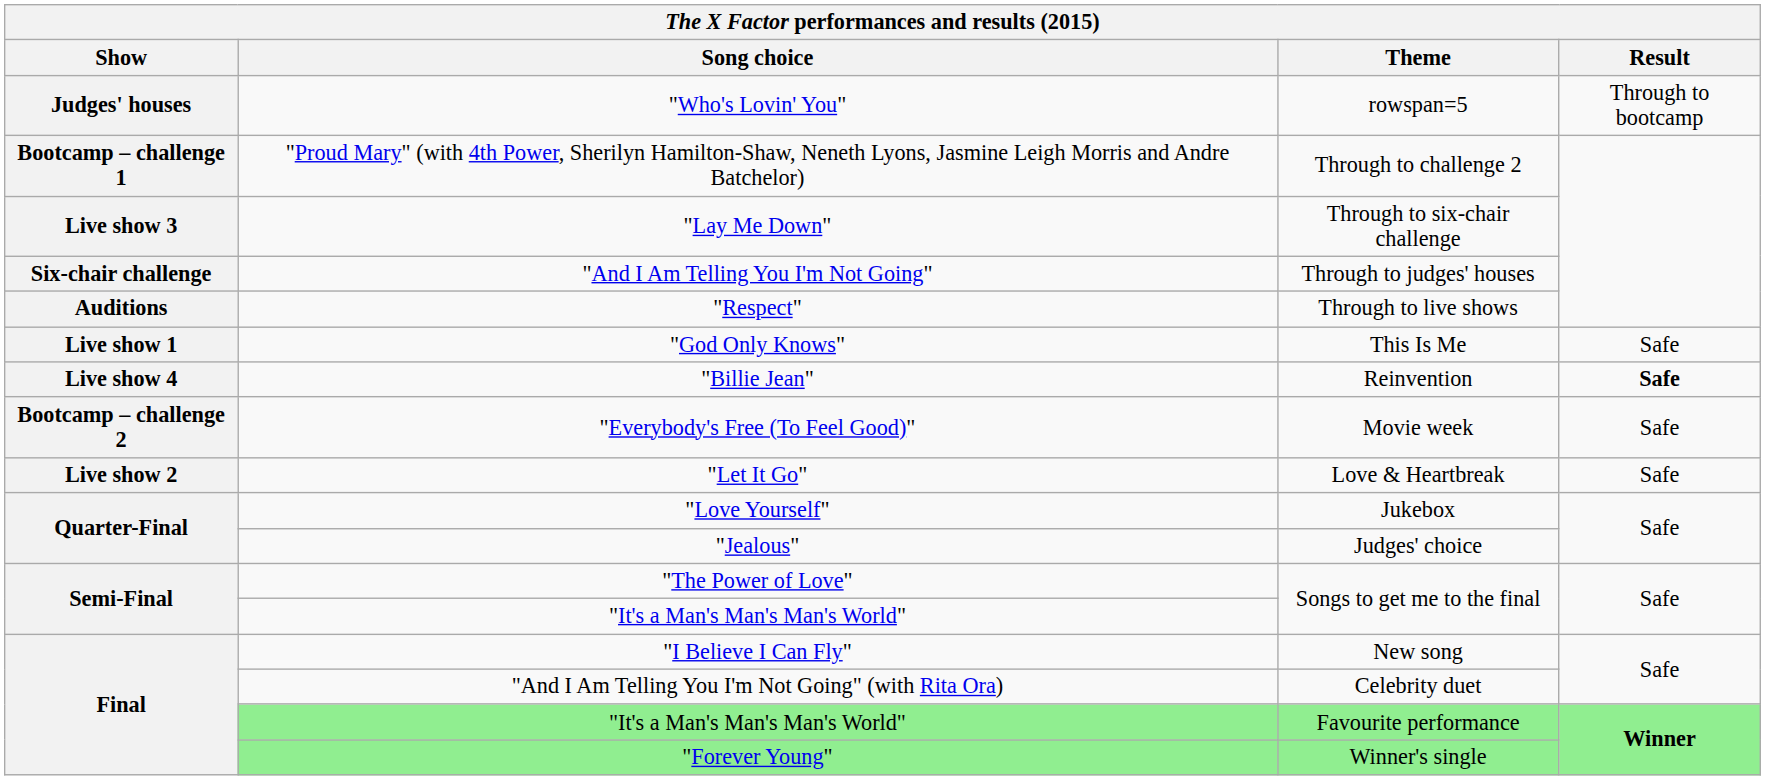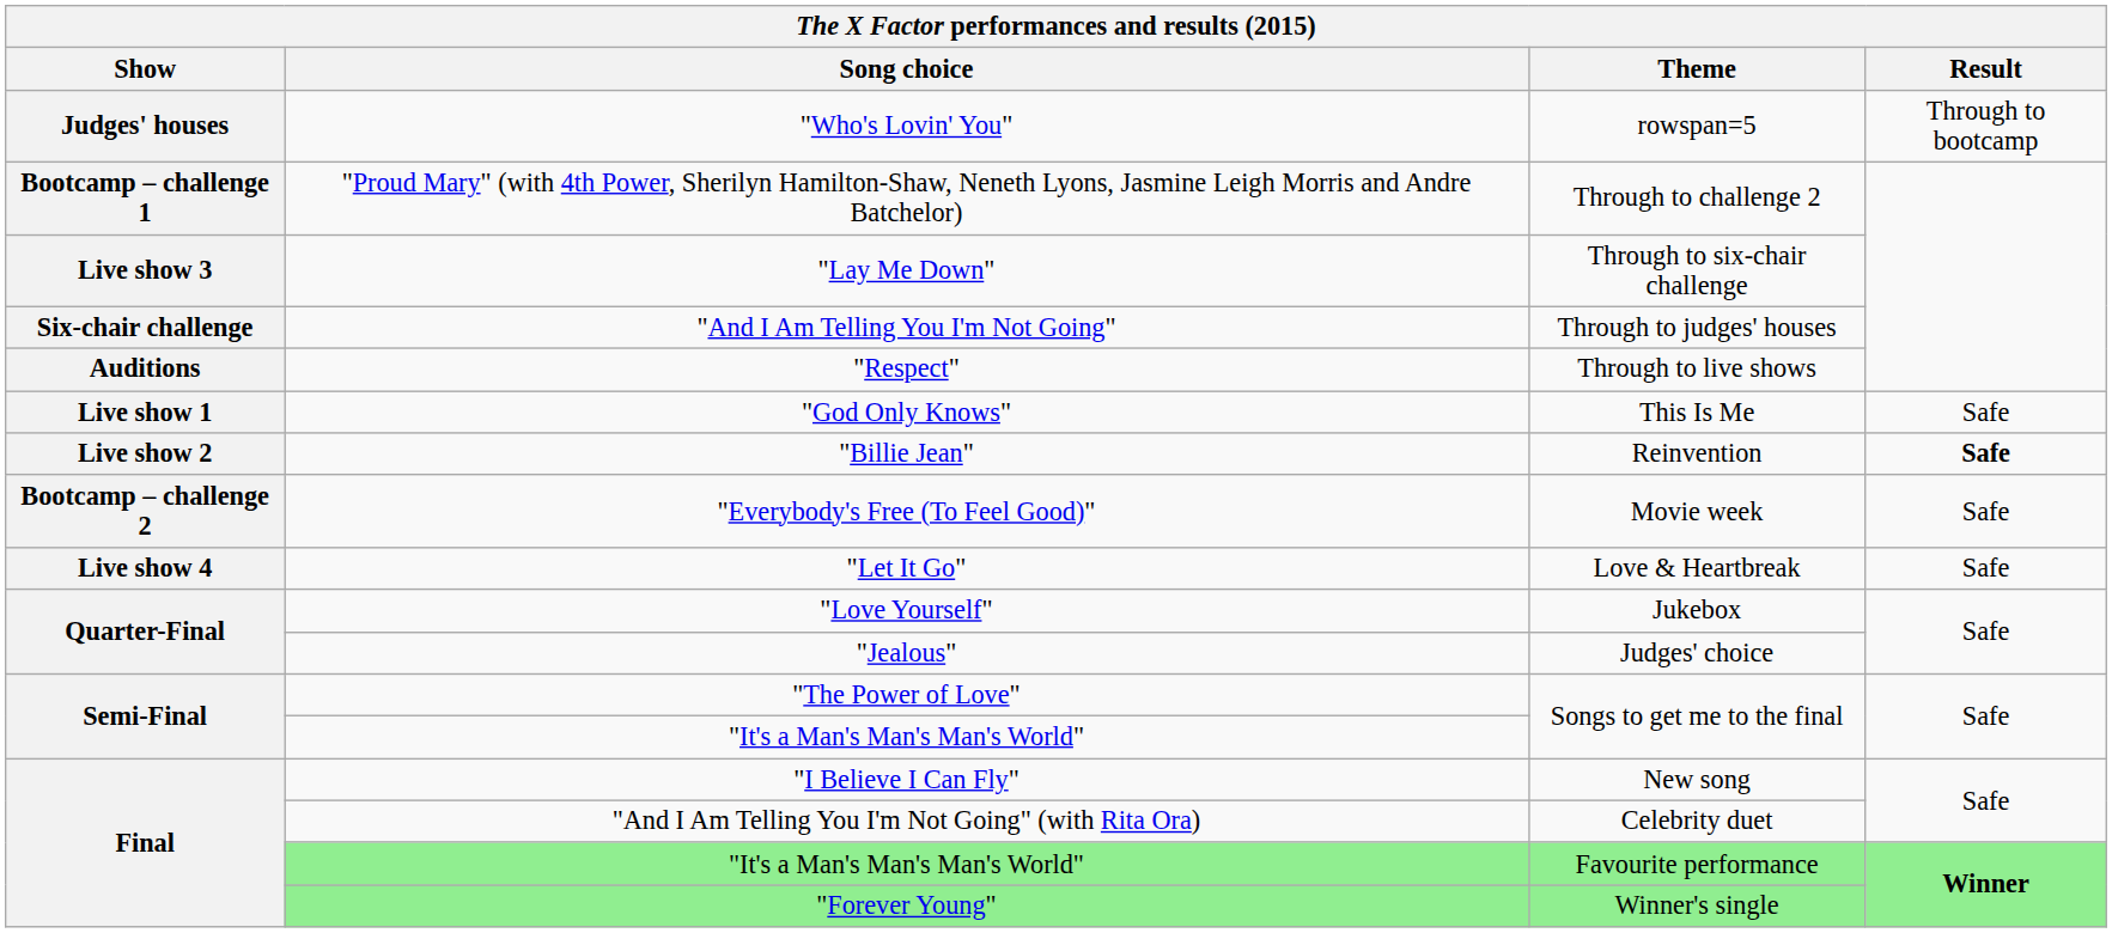 <table class="wikitable collapsible collapsed" style="margin:1em auto 1em auto; text-align:center;">
 <tr>
 <th colspan=4><em>The X Factor</em> performances and results (2015)</th>
 </tr>
 <tr>
 <th style="text-align:centre;">Show</th>
 <th style="text-align:centre;">Song choice</th>
 <th style="text-align:centre;">Theme</th>
 <th style="text-align:centre;">Result</th>
 </tr>
 <tr>
 <th>Judges' houses</th>
 <td>"<a href='#'>Who's Lovin' You</a>"</td>
 <td>rowspan=5 </td>
 <td>Through to bootcamp</td>
 </tr>
 <tr>
 <th>Bootcamp – challenge 1</th>
 <td>"<a href='#'>Proud Mary</a>" (with <a href='#'>4th Power</a>, Sherilyn Hamilton-Shaw, Neneth Lyons, Jasmine Leigh Morris and Andre Batchelor)</td>
 <td>Through to challenge 2</td>
 </tr>
 <tr>
 <th>Live show 3</th>
 <td>"<a href='#'>Lay Me Down</a>"</td>
 <td>Through to six-chair challenge</td>
 </tr>
 <tr>
 <th>Six-chair challenge</th>
 <td>"<a href='#'>And I Am Telling You I'm Not Going</a>"</td>
 <td>Through to judges' houses</td>
 </tr>
 <tr>
 <th>Auditions</th>
 <td>"<a href='#'>Respect</a>"</td>
 <td>Through to live shows</td>
 </tr>
 <tr>
 <th>Live show 1</th>
 <td>"<a href='#'>God Only Knows</a>"</td>
 <td>This Is Me</td>
 <td>Safe</td>
 </tr>
 <tr>
-<th>Live show 4</th>
+<th>Live show 2</th>
 <td>"<a href='#'>Billie Jean</a>"</td>
 <td>Reinvention</td>
 <td><strong>Safe</strong></td>
 </tr>
 <tr>
 <th>Bootcamp – challenge 2</th>
 <td>"<a href='#'>Everybody's Free (To Feel Good)</a>"</td>
 <td>Movie week</td>
 <td>Safe</td>
 </tr>
 <tr>
-<th>Live show 2</th>
+<th>Live show 4</th>
 <td>"<a href='#'>Let It Go</a>"</td>
 <td>Love & Heartbreak</td>
 <td>Safe</td>
 </tr>
 <tr>
 <th rowspan="2">Quarter-Final</th>
 <td>"<a href='#'>Love Yourself</a>"</td>
 <td>Jukebox</td>
 <td rowspan="2">Safe</td>
 </tr>
 <tr>
 <td>"<a href='#'>Jealous</a>"</td>
 <td>Judges' choice</td>
 </tr>
 <tr>
 <th rowspan="2">Semi-Final</th>
 <td>"<a href='#'>The Power of Love</a>"</td>
 <td rowspan="2">Songs to get me to the final</td>
 <td rowspan="2">Safe</td>
 </tr>
 <tr>
 <td>"<a href='#'>It's a Man's Man's Man's World</a>"</td>
 </tr>
 <tr>
 <th rowspan="4">Final</th>
 <td>"<a href='#'>I Believe I Can Fly</a>"</td>
 <td>New song</td>
 <td rowspan="2">Safe</td>
 </tr>
 <tr>
 <td>"And I Am Telling You I'm Not Going" (with <a href='#'>Rita Ora</a>)</td>
 <td>Celebrity duet</td>
 </tr>
 <tr style="background:lightgreen;">
 <td>"It's a Man's Man's Man's World"</td>
 <td>Favourite performance</td>
 <td rowspan=2><strong>Winner</strong></td>
 </tr>
 <tr style="background:lightgreen;">
 <td>"<a href='#'>Forever Young</a>"</td>
 <td>Winner's single</td>
 </tr>
 </table>
